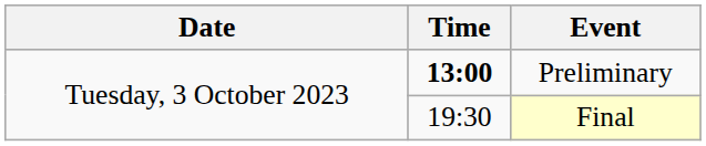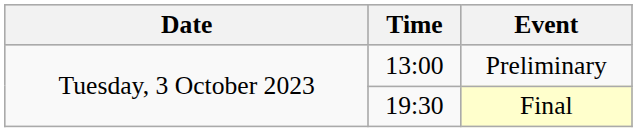 <table class = "wikitable" style="text-align:center;">
 <tr>
 <th width=220>Date</th>
 <th width=50>Time</th>
 <th width=100>Event</th>
 </tr>
 <tr>
 <td rowspan=2>Tuesday, 3 October 2023</td>
-<td><strong>13:00</strong></td>
+<td>13:00</td>
 <td>Preliminary</td>
 </tr>
 <tr>
 <td>19:30</td>
 <td bgcolor=ffffcc>Final</td>
 </tr>
 </table>
